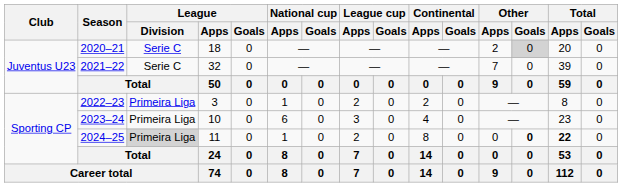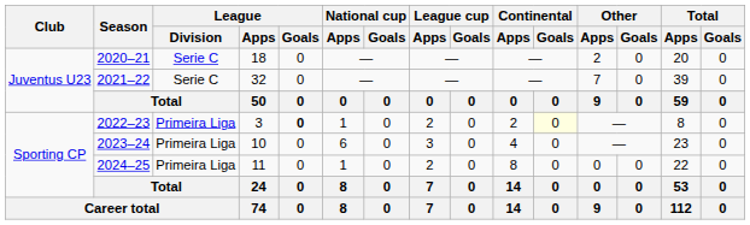 <table class="wikitable" style="text-align:center">
 <tr>
 <th rowspan="2">Club</th>
 <th rowspan="2">Season</th>
 <th colspan="3">League</th>
 <th colspan="2">National cup</th>
 <th colspan="2">League cup</th>
 <th colspan="2">Continental</th>
 <th colspan="2">Other</th>
 <th colspan="2">Total</th>
 </tr>
 <tr>
 <th>Division</th>
 <th>Apps</th>
 <th>Goals</th>
 <th>Apps</th>
 <th>Goals</th>
 <th>Apps</th>
 <th>Goals</th>
 <th>Apps</th>
 <th>Goals</th>
 <th>Apps</th>
 <th>Goals</th>
 <th>Apps</th>
 <th>Goals</th>
 </tr>
 <tr>
 <td rowspan="3"><a href='#'>Juventus U23</a></td>
 <td><a href='#'>2020–21</a></td>
 <td><a href='#'>Serie C</a></td>
 <td>18</td>
 <td>0</td>
 <td colspan="2">—</td>
 <td colspan="2">—</td>
 <td colspan="2">—</td>
 <td>2</td>
-<td style="background: lightgrey;">0</td>
+<td>0</td>
 <td>20</td>
 <td>0</td>
 </tr>
 <tr>
 <td><a href='#'>2021–22</a></td>
 <td>Serie C</td>
 <td>32</td>
 <td>0</td>
 <td colspan="2">—</td>
 <td colspan="2">—</td>
 <td colspan="2">—</td>
 <td>7</td>
 <td>0</td>
 <td>39</td>
 <td>0</td>
 </tr>
 <tr>
 <th colspan="2">Total</th>
 <th>50</th>
 <th>0</th>
 <th>0</th>
 <th>0</th>
 <th>0</th>
 <th>0</th>
 <th>0</th>
 <th>0</th>
 <th>9</th>
 <th>0</th>
 <th>59</th>
 <th>0</th>
 </tr>
 <tr>
 <td rowspan="4"><a href='#'>Sporting CP</a></td>
 <td><a href='#'>2022–23</a></td>
 <td><a href='#'>Primeira Liga</a></td>
 <td>3</td>
-<td>0</td>
+<td><strong>0</strong></td>
 <td>1</td>
 <td>0</td>
 <td>2</td>
 <td>0</td>
 <td>2</td>
-<td>0</td>
+<td style="background: lightyellow;">0</td>
 <td colspan="2">—</td>
 <td>8</td>
 <td>0</td>
 </tr>
 <tr>
 <td><a href='#'>2023–24</a></td>
 <td>Primeira Liga</td>
 <td>10</td>
 <td>0</td>
 <td>6</td>
 <td>0</td>
 <td>3</td>
 <td>0</td>
 <td>4</td>
 <td>0</td>
 <td colspan="2">—</td>
 <td>23</td>
 <td>0</td>
 </tr>
 <tr>
 <td><a href='#'>2024–25</a></td>
-<td style="background: lightgrey;">Primeira Liga</td>
+<td>Primeira Liga</td>
 <td>11</td>
 <td>0</td>
 <td>1</td>
 <td>0</td>
 <td>2</td>
 <td>0</td>
 <td>8</td>
 <td>0</td>
 <td>0</td>
-<td><strong>0</strong></td>
-<td><strong>22</strong></td>
+<td>0</td>
+<td>22</td>
 <td>0</td>
 </tr>
 <tr>
 <th colspan="2">Total</th>
 <th>24</th>
 <th>0</th>
 <th>8</th>
 <th>0</th>
 <th>7</th>
 <th>0</th>
 <th>14</th>
 <th>0</th>
 <th>0</th>
 <th>0</th>
 <th>53</th>
 <th>0</th>
 </tr>
 <tr>
 <th colspan="3">Career total</th>
 <th>74</th>
 <th>0</th>
 <th>8</th>
 <th>0</th>
 <th>7</th>
 <th>0</th>
 <th>14</th>
 <th>0</th>
 <th>9</th>
 <th>0</th>
 <th>112</th>
 <th>0</th>
 </tr>
 </table>
